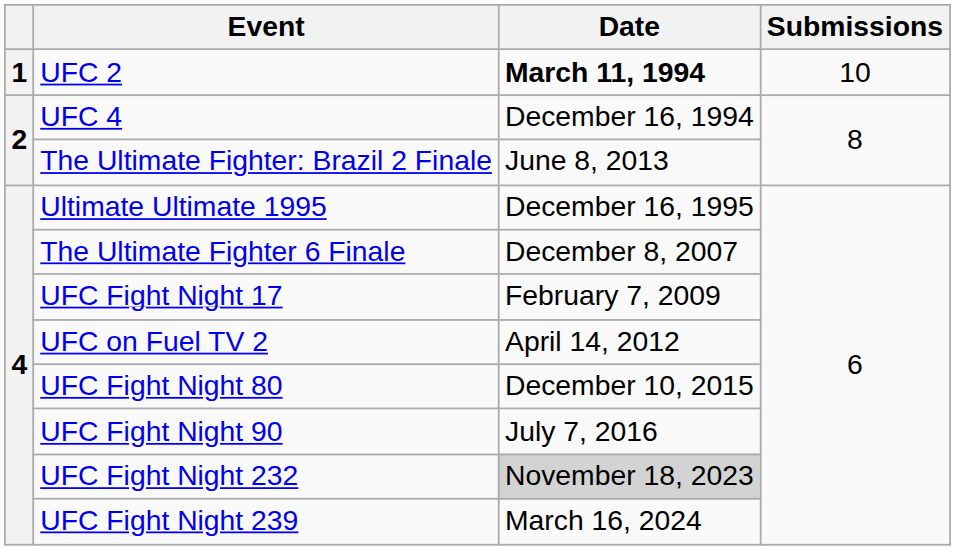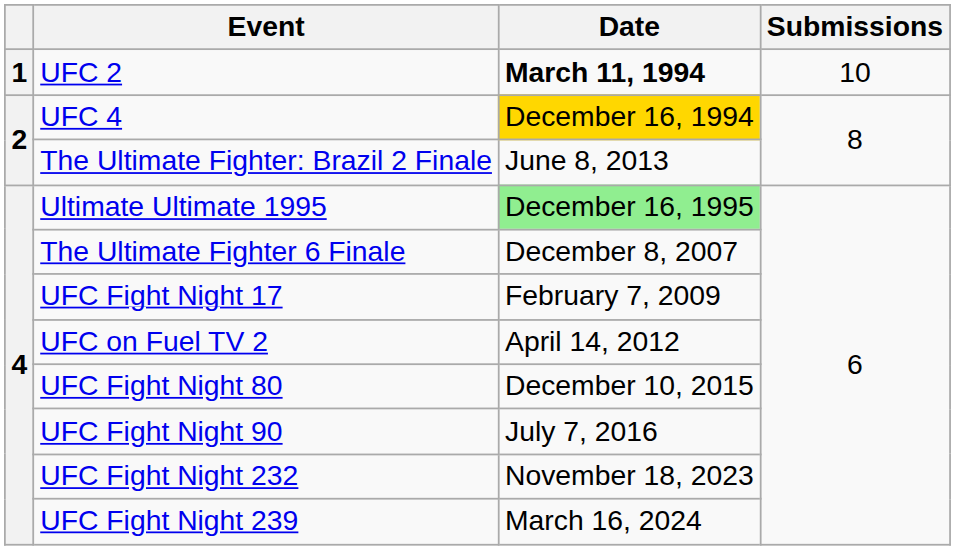 <table class=wikitable>
 <tr>
 <th></th>
 <th>Event</th>
 <th>Date</th>
 <th>Submissions</th>
 </tr>
 <tr>
 <th>1</th>
 <td><a href='#'>UFC 2</a></td>
 <td><strong>March 11, 1994</strong></td>
 <td align=center>10</td>
 </tr>
 <tr>
 <th rowspan=2>2</th>
 <td><a href='#'>UFC 4</a></td>
-<td>December 16, 1994</td>
+<td style="background: gold;">December 16, 1994</td>
 <td rowspan=2 align=center>8</td>
 </tr>
 <tr>
 <td><a href='#'>The Ultimate Fighter: Brazil 2 Finale</a></td>
 <td>June 8, 2013</td>
 </tr>
 <tr>
 <th rowspan=8>4</th>
 <td><a href='#'>Ultimate Ultimate 1995</a></td>
-<td>December 16, 1995</td>
+<td style="background: lightgreen;">December 16, 1995</td>
 <td rowspan=8 align=center>6</td>
 </tr>
 <tr>
 <td><a href='#'>The Ultimate Fighter 6 Finale</a></td>
 <td>December 8, 2007</td>
 </tr>
 <tr>
 <td><a href='#'>UFC Fight Night 17</a></td>
 <td>February 7, 2009</td>
 </tr>
 <tr>
 <td><a href='#'>UFC on Fuel TV 2</a></td>
 <td>April 14, 2012</td>
 </tr>
 <tr>
 <td><a href='#'>UFC Fight Night 80</a></td>
 <td>December 10, 2015</td>
 </tr>
 <tr>
 <td><a href='#'>UFC Fight Night 90</a></td>
 <td>July 7, 2016</td>
 </tr>
 <tr>
 <td><a href='#'>UFC Fight Night 232</a></td>
-<td style="background: lightgrey;">November 18, 2023</td>
+<td>November 18, 2023</td>
 </tr>
 <tr>
 <td><a href='#'>UFC Fight Night 239</a></td>
 <td>March 16, 2024</td>
 </tr>
 </table>
